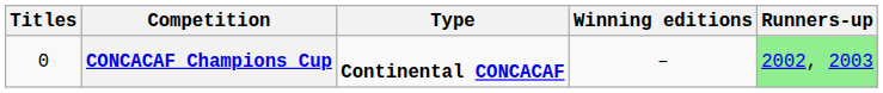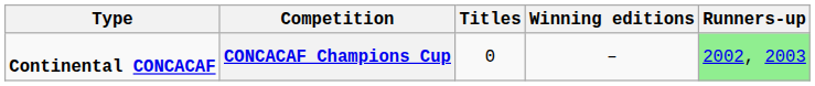 <table class="wikitable" style="text-align: center;">
 <tr>
+<th>Type</th>
+<th>Competition</th>
 <th>Titles</th>
-<th>Competition</th>
-<th>Type</th>
 <th>Winning editions</th>
 <th>Runners-up</th>
 </tr>
 <tr>
+<td rowspan="1"><br><strong>Continental <a href='#'>CONCACAF</a></strong></td>
+<th scope=col><a href='#'>CONCACAF Champions Cup</a></th>
 <td>0</td>
-<th scope=col><a href='#'>CONCACAF Champions Cup</a></th>
-<td rowspan="1"><br><strong>Continental <a href='#'>CONCACAF</a></strong></td>
 <td>–</td>
 <td style="background: lightgreen;"><a href='#'>2002</a>, <a href='#'>2003</a></td>
 </tr>
 </table>
